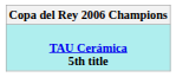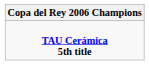 <table class=wikitable style="text-align:center; margin:auto">
 <tr>
 <th>Copa del Rey 2006 Champions</th>
 </tr>
 <tr>
-<td style="background: paleturquoise;"><br> <strong><a href='#'>TAU Cerámica</a></strong> <br> <strong>5th title</strong></td>
+<td><br> <strong><a href='#'>TAU Cerámica</a></strong> <br> <strong>5th title</strong></td>
 </tr>
 </table>
